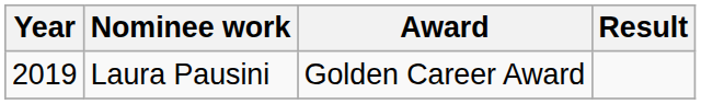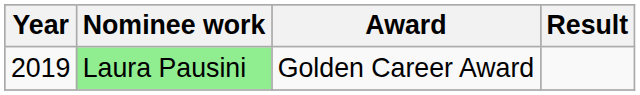 <table class="wikitable">
 <tr>
 <th>Year</th>
 <th>Nominee work</th>
 <th>Award</th>
 <th>Result</th>
 </tr>
 <tr>
 <td rowspan="1">2019</td>
-<td>Laura Pausini</td>
+<td style="background: lightgreen;">Laura Pausini</td>
 <td>Golden Career Award</td>
 <td></td>
 </tr>
 </table>
